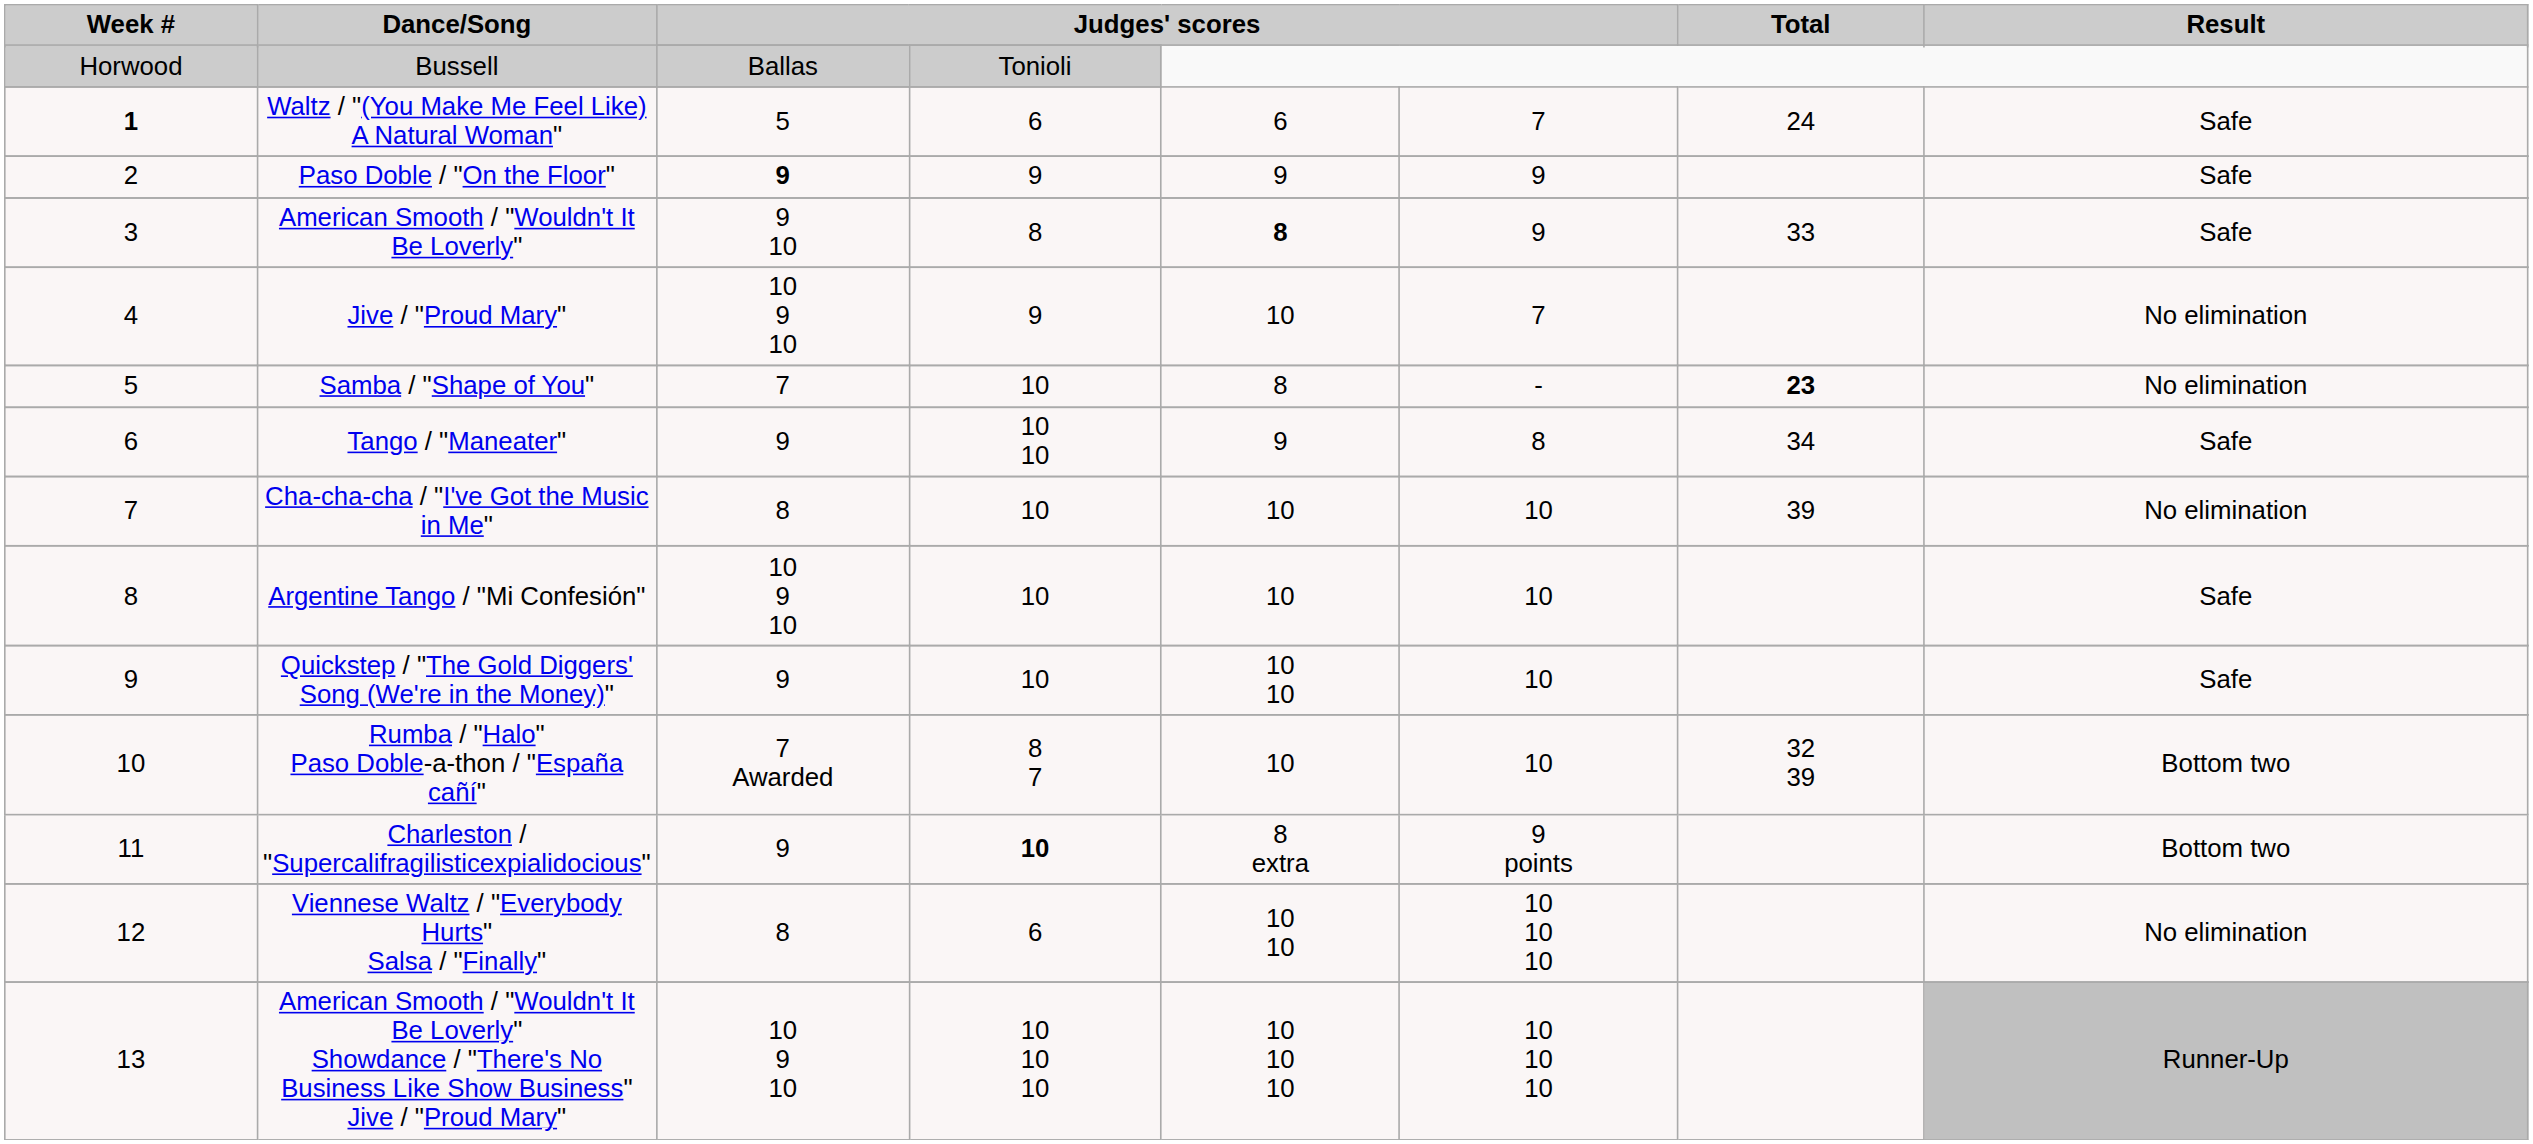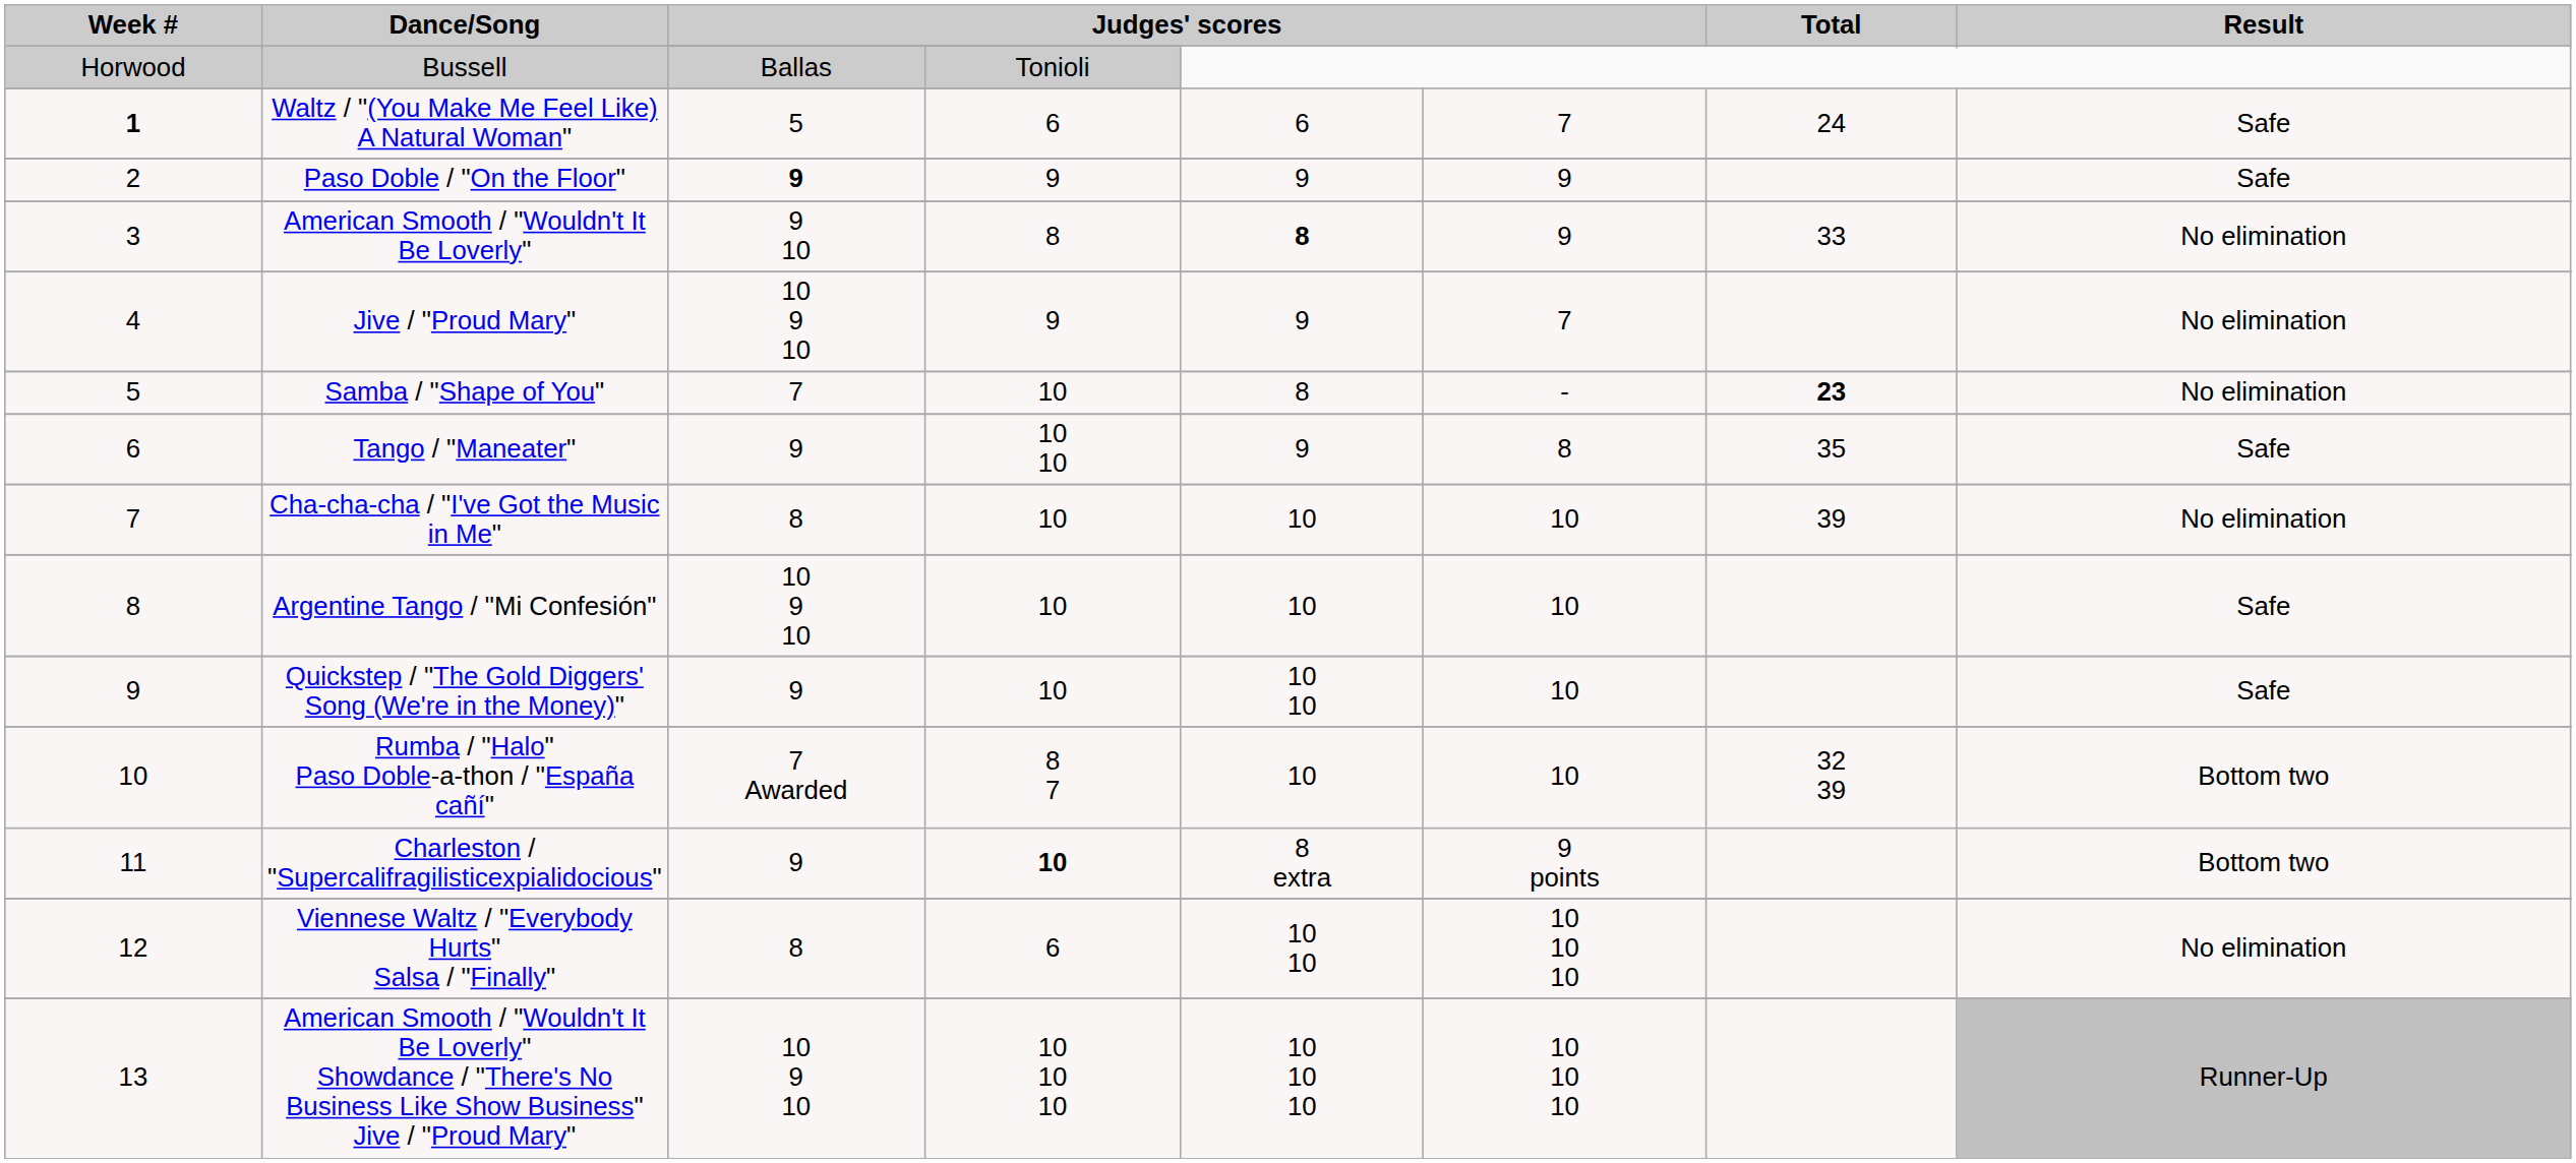 <table class="wikitable collapsible collapsed">
 <tr>
 <td rowspan="2" style="background:#CCCCCC;" align="Center"><strong>Week #</strong></td>
 <td rowspan="2" style="background:#CCCCCC;" align="Center"><strong>Dance/Song</strong></td>
 <td colspan="4" style="background:#CCCCCC;" align="Center"><strong>Judges' scores</strong></td>
 <td rowspan="2" style="background:#CCCCCC;" align="Center"><strong>Total</strong></td>
 <td rowspan="2" style="background:#CCCCCC;" align="Center"><strong>Result</strong></td>
 </tr>
 <tr>
 </tr>
 <tr>
 <td style="background:#CCCCCC;" width="10%" align="center">Horwood</td>
 <td style="background:#CCCCCC;" width="10%" align="center">Bussell</td>
 <td style="background:#CCCCCC;" width="10%" align="center">Ballas</td>
 <td style="background:#CCCCCC;" width="10%" align="center">Tonioli</td>
 </tr>
 <tr>
 </tr>
 <tr>
 <td style="text-align:center; background:#faf6f6;"><strong>1</strong></td>
 <td style="text-align:center; background:#faf6f6;"><a href='#'>Waltz</a> / "<a href='#'>(You Make Me Feel Like) A Natural Woman</a>"</td>
 <td style="text-align:center; background:#faf6f6;">5</td>
 <td style="text-align:center; background:#faf6f6;">6</td>
 <td style="text-align:center; background:#faf6f6;">6</td>
 <td style="text-align:center; background:#faf6f6;">7</td>
 <td style="text-align:center; background:#faf6f6;">24</td>
 <td style="text-align:center; background:#faf6f6">Safe</td>
 </tr>
 <tr>
 </tr>
 <tr>
 <td style="text-align:center; background:#faf6f6;">2</td>
 <td style="text-align:center; background:#faf6f6;"><a href='#'>Paso Doble</a> / "<a href='#'>On the Floor</a>"</td>
 <td style="text-align:center; background:#faf6f6;"><strong>9</strong></td>
 <td style="text-align:center; background:#faf6f6;">9</td>
 <td style="text-align:center; background:#faf6f6;">9</td>
 <td style="text-align:center; background:#faf6f6;">9</td>
 <td style="text-align:center; background:#faf6f6;"></td>
 <td style="text-align:center; background:#faf6f6;">Safe</td>
 </tr>
 <tr>
 </tr>
 <tr>
 <td style="text-align:center; background:#faf6f6;">3</td>
 <td style="text-align:center; background:#faf6f6;"><a href='#'>American Smooth</a> / "<a href='#'>Wouldn't It Be Loverly</a>"</td>
 <td style="text-align:center; background:#faf6f6;">9<br>10</td>
 <td style="text-align:center; background:#faf6f6;">8</td>
 <td style="text-align:center; background:#faf6f6;"><strong>8</strong></td>
 <td style="text-align:center; background:#faf6f6;">9</td>
 <td style="text-align:center; background:#faf6f6;">33</td>
-<td style="text-align:center; background:#faf6f6;">Safe</td>
+<td style="text-align:center; background:#faf6f6;">No elimination</td>
 </tr>
 <tr>
 </tr>
 <tr>
 <td style="text-align:center; background:#faf6f6">4</td>
 <td style="text-align:center; background:#faf6f6"><a href='#'>Jive</a> / "<a href='#'>Proud Mary</a>"</td>
 <td style="text-align:center; background:#faf6f6;">10<br>9<br>10</td>
 <td style="text-align:center; background:#faf6f6">9</td>
-<td style="text-align:center; background:#faf6f6">10</td>
+<td style="text-align:center; background:#faf6f6;">9</td>
 <td style="text-align:center; background:#faf6f6;">7</td>
 <td style="text-align:center; background:#faf6f6"></td>
 <td style="text-align:center; background:#faf6f6;">No elimination</td>
 </tr>
 <tr>
 </tr>
 <tr>
 <td style="text-align:center; background:#faf6f6">5</td>
 <td style="text-align:center; background:#faf6f6"><a href='#'>Samba</a> / "<a href='#'>Shape of You</a>"</td>
 <td style="text-align:center; background:#faf6f6">7</td>
 <td style="text-align:center; background:#faf6f6">10</td>
 <td style="text-align:center; background:#faf6f6">8</td>
 <td style="text-align:center; background:#faf6f6">-</td>
 <td style="text-align:center; background:#faf6f6"><strong>23</strong></td>
 <td style="text-align:center; background:#faf6f6;">No elimination</td>
 </tr>
 <tr>
 </tr>
 <tr>
 <td style="text-align:center; background:#faf6f6">6</td>
 <td style="text-align:center; background:#faf6f6"><a href='#'>Tango</a> / "<a href='#'>Maneater</a>"</td>
 <td style="text-align:center; background:#faf6f6">9</td>
 <td style="text-align:center; background:#faf6f6;">10<br>10</td>
 <td style="text-align:center; background:#faf6f6">9</td>
 <td style="text-align:center; background:#faf6f6">8</td>
-<td style="text-align:center; background:#faf6f6">34</td>
+<td style="text-align:center; background:#faf6f6">35</td>
 <td style="text-align:center; background:#faf6f6">Safe</td>
 </tr>
 <tr>
 </tr>
 <tr>
 <td style="text-align:center; background:#faf6f6">7</td>
 <td style="text-align:center; background:#faf6f6"><a href='#'>Cha-cha-cha</a> / "<a href='#'>I've Got the Music in Me</a>"</td>
 <td style="text-align:center; background:#faf6f6;">8</td>
 <td style="text-align:center; background:#faf6f6">10</td>
 <td style="text-align:center; background:#faf6f6">10</td>
 <td style="text-align:center; background:#faf6f6">10</td>
 <td style="text-align:center; background:#faf6f6">39</td>
 <td style="text-align:center; background:#faf6f6;">No elimination</td>
 </tr>
 <tr>
 </tr>
 <tr>
 <td style="text-align:center; background:#faf6f6">8</td>
 <td style="text-align:center; background:#faf6f6"><a href='#'>Argentine Tango</a> / "Mi Confesión"</td>
 <td style="text-align:center; background:#faf6f6;">10<br>9<br>10</td>
 <td style="text-align:center; background:#faf6f6">10</td>
 <td style="text-align:center; background:#faf6f6">10</td>
 <td style="text-align:center; background:#faf6f6">10</td>
 <td style="text-align:center; background:#faf6f6"></td>
 <td style="text-align:center; background:#faf6f6">Safe</td>
 </tr>
 <tr>
 </tr>
 <tr>
 <td style="text-align:center; background:#faf6f6">9</td>
 <td style="text-align:center; background:#faf6f6"><a href='#'>Quickstep</a> / "<a href='#'>The Gold Diggers' Song (We're in the Money)</a>"</td>
 <td style="text-align:center; background:#faf6f6">9</td>
 <td style="text-align:center; background:#faf6f6">10</td>
 <td style="text-align:center; background:#faf6f6;">10<br>10</td>
 <td style="text-align:center; background:#faf6f6">10</td>
 <td style="text-align:center; background:#faf6f6"></td>
 <td style="text-align:center; background:#faf6f6">Safe</td>
 </tr>
 <tr>
 </tr>
 <tr>
 </tr>
 <tr style="text-align: center; background:#faf6f6;">
 <td>10</td>
 <td><a href='#'>Rumba</a> / "<a href='#'>Halo</a>"<br><a href='#'>Paso Doble</a>-a-thon / "<a href='#'>España cañí</a>"</td>
 <td>7<br>Awarded</td>
 <td>8<br>7</td>
 <td>10</td>
 <td>10</td>
 <td>32<br>39</td>
 <td>Bottom two</td>
 </tr>
 <tr style="text-align: center; background:#faf6f6;">
 <td>11</td>
 <td><a href='#'>Charleston</a> / "<a href='#'>Supercalifragilisticexpialidocious</a>"</td>
 <td>9</td>
 <td><strong>10</strong></td>
 <td>8<br>extra</td>
 <td>9<br>points</td>
 <td></td>
 <td>Bottom two</td>
 </tr>
 <tr>
 </tr>
 <tr style="text-align: center; background:#faf6f6;">
 <td>12</td>
 <td style="text-align:center; background:#faf6f6;"><a href='#'>Viennese Waltz</a> / "<a href='#'>Everybody Hurts</a>"<br><a href='#'>Salsa</a> / "<a href='#'>Finally</a>"</td>
 <td style="text-align:center; background:#faf6f6;">8</td>
 <td style="text-align:center; background:#faf6f6;">6</td>
 <td style="text-align:center; background:#faf6f6;">10<br>10</td>
 <td style="text-align:center; background:#faf6f6;">10<br>10<br>10</td>
 <td style="text-align:center; background:#faf6f6;"><br></td>
 <td style="text-align:center; background:#faf6f6;">No elimination</td>
 </tr>
 <tr>
 </tr>
 <tr style="text-align: center; background:#faf6f6;">
 <td>13</td>
 <td style="text-align:center; background:#faf6f6;"><a href='#'>American Smooth</a> / "<a href='#'>Wouldn't It Be Loverly</a>"<br><a href='#'>Showdance</a> / "<a href='#'>There's No Business Like Show Business</a>"<br><a href='#'>Jive</a> / "<a href='#'>Proud Mary</a>"</td>
 <td style="text-align:center; background:#faf6f6;">10<br>9<br>10</td>
 <td style="text-align:center; background:#faf6f6;">10<br>10<br>10</td>
 <td style="text-align:center; background:#faf6f6;">10<br>10<br>10</td>
 <td style="text-align:center; background:#faf6f6;">10<br>10<br>10</td>
 <td style="text-align:center; background:#faf6f6;"><br><br></td>
 <td align="center" style="Text-align:center; background:Silver">Runner-Up</td>
 </tr>
 </table>
